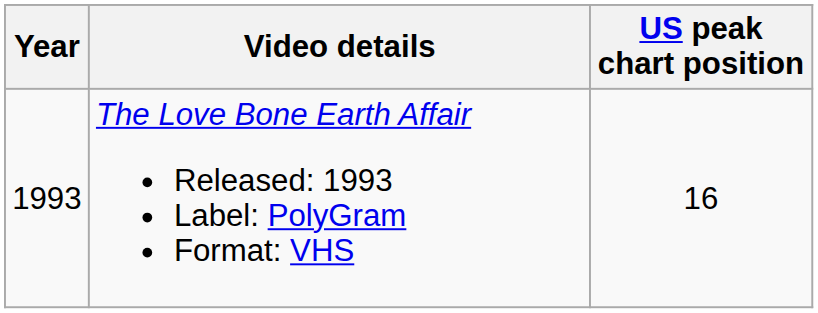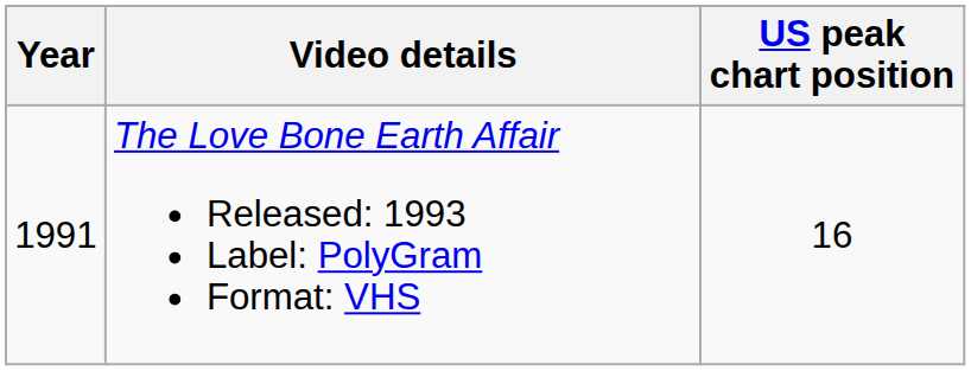 <table class="wikitable">
 <tr>
 <th>Year</th>
 <th width="250">Video details</th>
 <th><a href='#'>US</a> peak<br>chart position</th>
 </tr>
 <tr>
-<td>1993</td>
+<td>1991</td>
 <td align="left"><em><a href='#'>The Love Bone Earth Affair</a></em><br><ul><li>Released: 1993</li><li>Label: <a href='#'>PolyGram</a></li><li>Format: <a href='#'>VHS</a></li></ul></td>
 <td align="center">16</td>
 </tr>
 </table>
